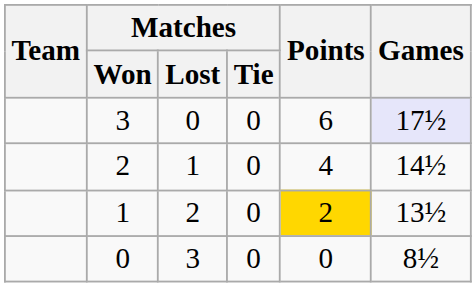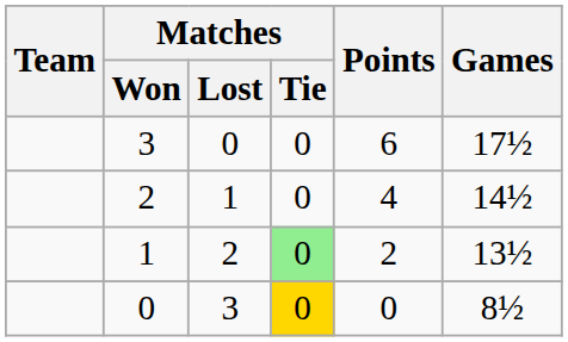 <table class="wikitable" style="text-align:center">
 <tr>
 <th rowspan=2>Team</th>
 <th colspan=3>Matches</th>
 <th rowspan=2>Points</th>
 <th rowspan=2>Games</th>
 </tr>
 <tr>
 <th>Won</th>
 <th>Lost</th>
 <th>Tie</th>
 </tr>
 <tr>
 <td align=left></td>
 <td>3</td>
 <td>0</td>
 <td>0</td>
 <td>6</td>
-<td style="background: lavender;">17½</td>
+<td>17½</td>
 </tr>
 <tr>
 <td align=left></td>
 <td>2</td>
 <td>1</td>
 <td>0</td>
 <td>4</td>
 <td>14½</td>
 </tr>
 <tr>
 <td align=left></td>
 <td>1</td>
 <td>2</td>
-<td>0</td>
-<td style="background: gold;">2</td>
+<td style="background: lightgreen;">0</td>
+<td>2</td>
 <td>13½</td>
 </tr>
 <tr>
 <td align=left></td>
 <td>0</td>
 <td>3</td>
-<td>0</td>
+<td style="background: gold;">0</td>
 <td>0</td>
 <td>8½</td>
 </tr>
 </table>
